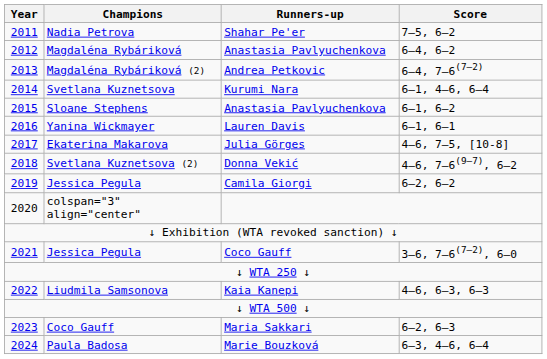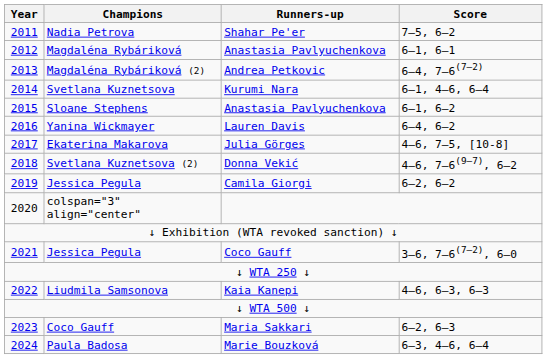 <table class=wikitable>
 <tr>
 <th style="width:40px;">Year</th>
 <th style="width:200px;">Champions</th>
 <th style="width:200px;">Runners-up</th>
 <th style="width:160px;">Score</th>
 </tr>
 <tr>
 <td align="center"><a href='#'>2011</a></td>
 <td> <a href='#'>Nadia Petrova</a></td>
 <td> <a href='#'>Shahar Pe'er</a></td>
 <td>7–5, 6–2</td>
 </tr>
 <tr>
 <td align="center"><a href='#'>2012</a></td>
 <td> <a href='#'>Magdaléna Rybáriková</a></td>
 <td> <a href='#'>Anastasia Pavlyuchenkova</a></td>
-<td>6–4, 6–2</td>
+<td>6–1, 6–1</td>
 </tr>
 <tr>
 <td align="center"><a href='#'>2013</a></td>
 <td> <a href='#'>Magdaléna Rybáriková</a> <small> (2) </small></td>
 <td> <a href='#'>Andrea Petkovic</a></td>
 <td>6–4, 7–6<sup>(7–2)</sup></td>
 </tr>
 <tr>
 <td align="center"><a href='#'>2014</a></td>
 <td> <a href='#'>Svetlana Kuznetsova</a></td>
 <td> <a href='#'>Kurumi Nara</a></td>
 <td>6–1, 4–6, 6–4</td>
 </tr>
 <tr>
 <td align="center"><a href='#'>2015</a></td>
 <td> <a href='#'>Sloane Stephens</a></td>
 <td> <a href='#'>Anastasia Pavlyuchenkova</a></td>
 <td>6–1, 6–2</td>
 </tr>
 <tr>
 <td align="center"><a href='#'>2016</a></td>
 <td> <a href='#'>Yanina Wickmayer</a></td>
 <td> <a href='#'>Lauren Davis</a></td>
-<td>6–1, 6–1</td>
+<td>6–4, 6–2</td>
 </tr>
 <tr>
 <td align="center"><a href='#'>2017</a></td>
 <td> <a href='#'>Ekaterina Makarova</a></td>
 <td> <a href='#'>Julia Görges</a></td>
 <td>4–6, 7–5, [10-8]</td>
 </tr>
 <tr>
 <td align="center"><a href='#'>2018</a></td>
 <td> <a href='#'>Svetlana Kuznetsova</a> <small>(2)</small></td>
 <td> <a href='#'>Donna Vekić</a></td>
 <td>4–6, 7–6<sup>(9–7)</sup>, 6–2</td>
 </tr>
 <tr>
 <td align="center"><a href='#'>2019</a></td>
 <td> <a href='#'>Jessica Pegula</a></td>
 <td> <a href='#'>Camila Giorgi</a></td>
 <td>6–2, 6–2</td>
 </tr>
 <tr>
 <td align="center">2020</td>
 <td>colspan="3" align="center" </td>
 </tr>
 <tr>
 <td colspan=5 align=center>↓ Exhibition (WTA revoked sanction) ↓</td>
 </tr>
 <tr>
 <td align="center"><a href='#'>2021</a></td>
 <td> <a href='#'>Jessica Pegula</a></td>
 <td> <a href='#'>Coco Gauff</a></td>
 <td>3–6, 7–6<sup>(7–2)</sup>, 6–0</td>
 </tr>
 <tr>
 <td colspan=5 align=center>↓ <a href='#'>WTA 250</a> ↓</td>
 </tr>
 <tr>
 <td align="center"><a href='#'>2022</a></td>
 <td> <a href='#'>Liudmila Samsonova</a></td>
 <td> <a href='#'>Kaia Kanepi</a></td>
 <td>4–6, 6–3, 6–3</td>
 </tr>
 <tr>
 <td colspan=5 align=center>↓ <a href='#'>WTA 500</a> ↓</td>
 </tr>
 <tr>
 <td align="center"><a href='#'>2023</a></td>
 <td> <a href='#'>Coco Gauff</a></td>
 <td> <a href='#'>Maria Sakkari</a></td>
 <td>6–2, 6–3</td>
 </tr>
 <tr>
 <td align="center"><a href='#'>2024</a></td>
 <td> <a href='#'>Paula Badosa</a></td>
 <td> <a href='#'>Marie Bouzková</a></td>
 <td>6–3, 4–6, 6–4</td>
 </tr>
 </table>
